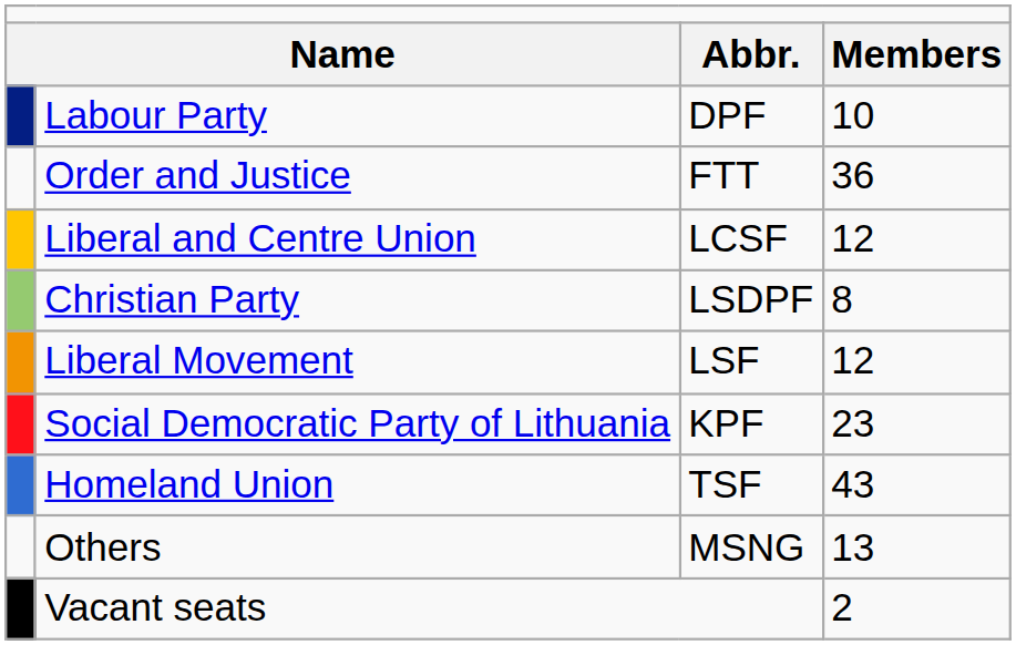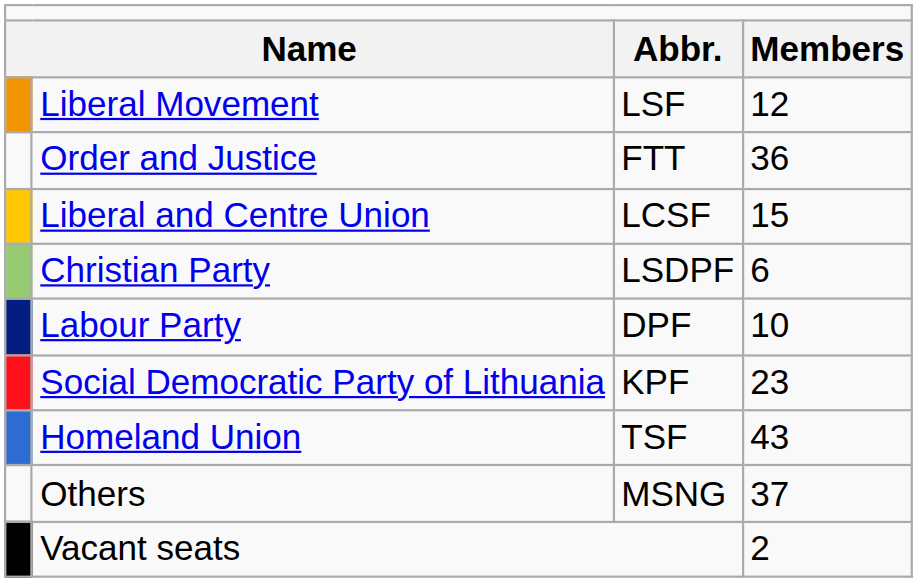 <table class=wikitable style=text-align:left>
 <tr>
 <td colspan=4 align=center></td>
 </tr>
 <tr>
 <th colspan=2>Name</th>
 <th>Abbr.</th>
 <th>Members</th>
 </tr>
 <tr>
-<td width=5px style="background-color: #031E83"></td>
-<td><a href='#'>Labour Party</a></td>
-<td>DPF</td>
-<td>10</td>
+<td width=5px style="background-color: #F29402"></td>
+<td><a href='#'>Liberal Movement</a></td>
+<td>LSF</td>
+<td>12</td>
 </tr>
 <tr>
 <td width=5px style="background-color: "></td>
 <td><a href='#'>Order and Justice</a></td>
 <td>FTT</td>
 <td>36</td>
 </tr>
 <tr>
 <td width=5px style="background-color: #FFC601"></td>
 <td><a href='#'>Liberal and Centre Union</a></td>
 <td>LCSF</td>
-<td>12</td>
+<td>15</td>
 </tr>
 <tr>
 <td width=5px style="background-color: #95CA70"></td>
 <td><a href='#'>Christian Party</a></td>
 <td>LSDPF</td>
-<td>8</td>
+<td>6</td>
 </tr>
 <tr>
-<td width=5px style="background-color: #F29402"></td>
-<td><a href='#'>Liberal Movement</a></td>
-<td>LSF</td>
-<td>12</td>
+<td width=5px style="background-color: #031E83"></td>
+<td><a href='#'>Labour Party</a></td>
+<td>DPF</td>
+<td>10</td>
 </tr>
 <tr>
 <td width=5px style="background-color: #FF101A"></td>
 <td><a href='#'>Social Democratic Party of Lithuania</a></td>
 <td>KPF</td>
 <td>23</td>
 </tr>
 <tr>
 <td width=5px style="background-color: #2F6CD1"></td>
 <td><a href='#'>Homeland Union</a></td>
 <td>TSF</td>
 <td>43</td>
 </tr>
 <tr>
 <td width=5px style="background-color: "></td>
 <td>Others</td>
 <td>MSNG</td>
-<td>13</td>
+<td>37</td>
 </tr>
 <tr>
 <td width=5px style="background-color: #000000"></td>
 <td colspan=2>Vacant seats</td>
 <td>2</td>
 </tr>
 </table>
